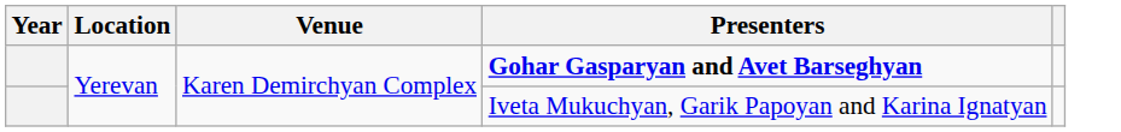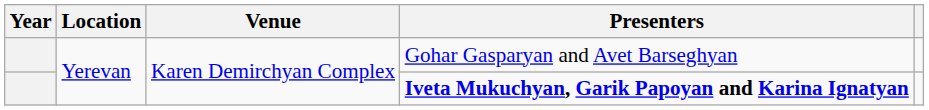 <table class="wikitable plainrowheaders">
 <tr>
 <th scope="col">Year</th>
 <th scope="col">Location</th>
 <th scope="col">Venue</th>
 <th scope="col">Presenters</th>
 <th scope="col"></th>
 </tr>
 <tr>
 <th scope="row"></th>
 <td rowspan="2"><a href='#'>Yerevan</a></td>
 <td rowspan="2"><a href='#'>Karen Demirchyan Complex</a></td>
-<td><strong><a href='#'>Gohar Gasparyan</a> and <a href='#'>Avet Barseghyan</a></strong></td>
+<td><a href='#'>Gohar Gasparyan</a> and <a href='#'>Avet Barseghyan</a></td>
 <td></td>
 </tr>
 <tr>
 <th scope="row"></th>
-<td><a href='#'>Iveta Mukuchyan</a>, <a href='#'>Garik Papoyan</a> and <a href='#'>Karina Ignatyan</a></td>
+<td><strong><a href='#'>Iveta Mukuchyan</a>, <a href='#'>Garik Papoyan</a> and <a href='#'>Karina Ignatyan</a></strong></td>
 <td></td>
 </tr>
 </table>
